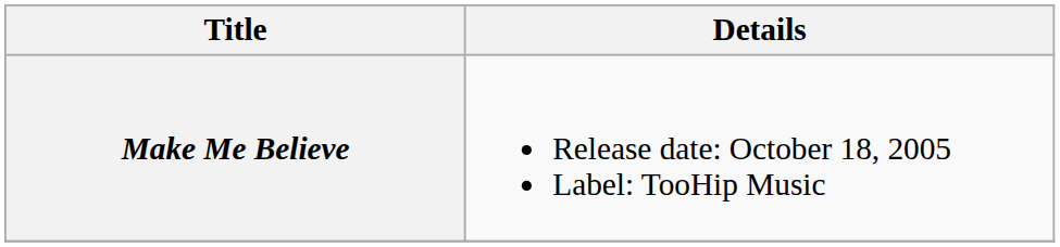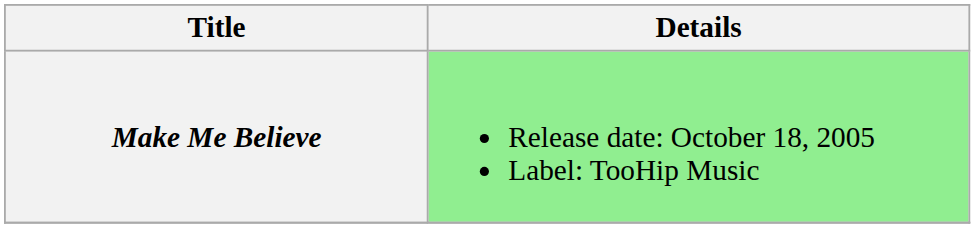 <table class="wikitable plainrowheaders">
 <tr>
 <th style="width:14em;">Title</th>
 <th style="width:18em;">Details</th>
 </tr>
 <tr>
 <th scope="row"><em>Make Me Believe</em></th>
-<td><br><ul><li>Release date: October 18, 2005</li><li>Label: TooHip Music</li></ul></td>
+<td style="background: lightgreen;"><br><ul><li>Release date: October 18, 2005</li><li>Label: TooHip Music</li></ul></td>
 </tr>
 <tr>
 </tr>
 </table>
